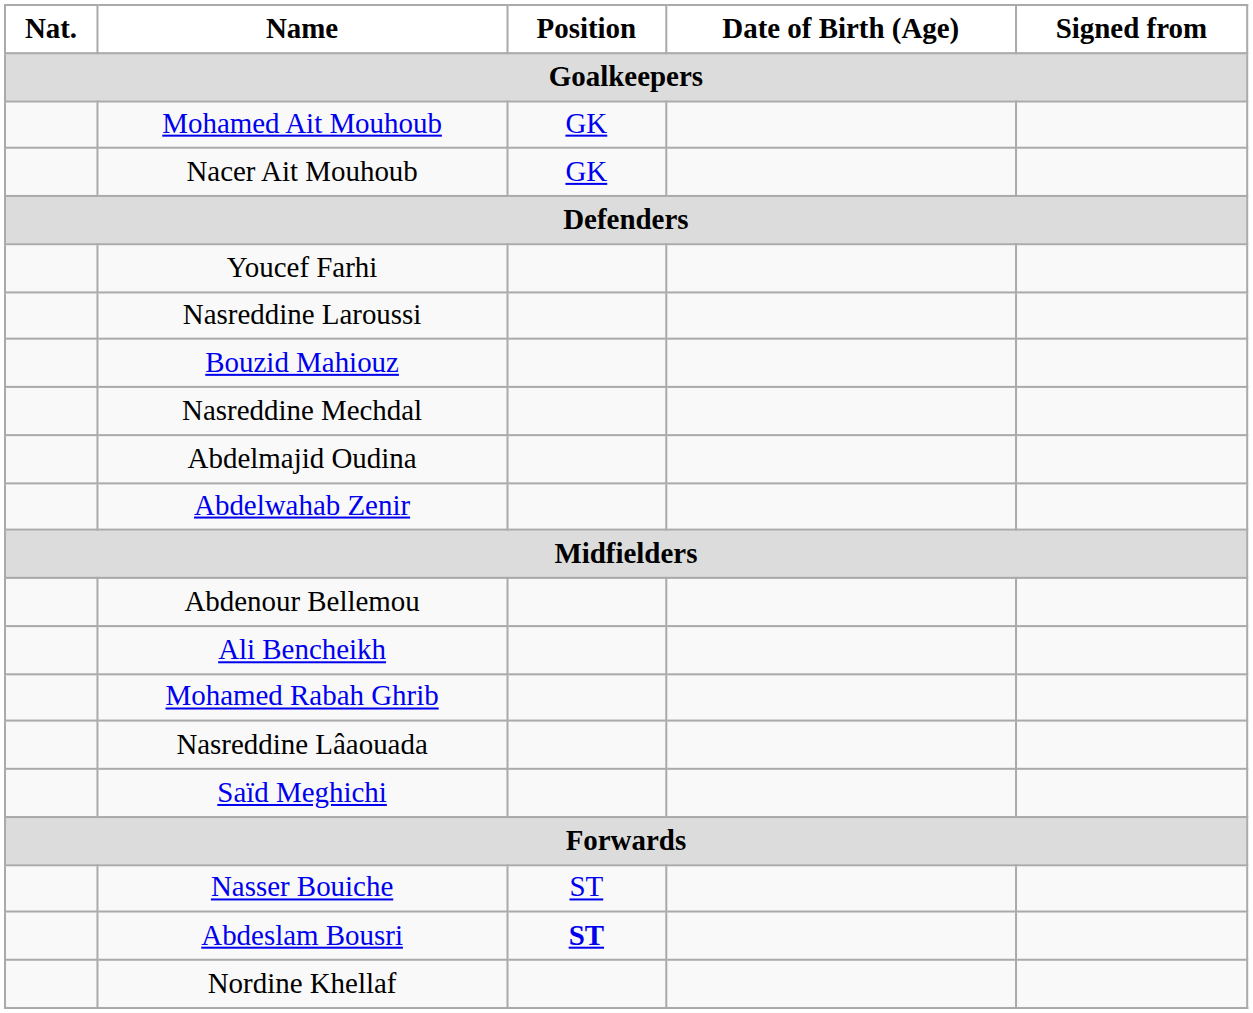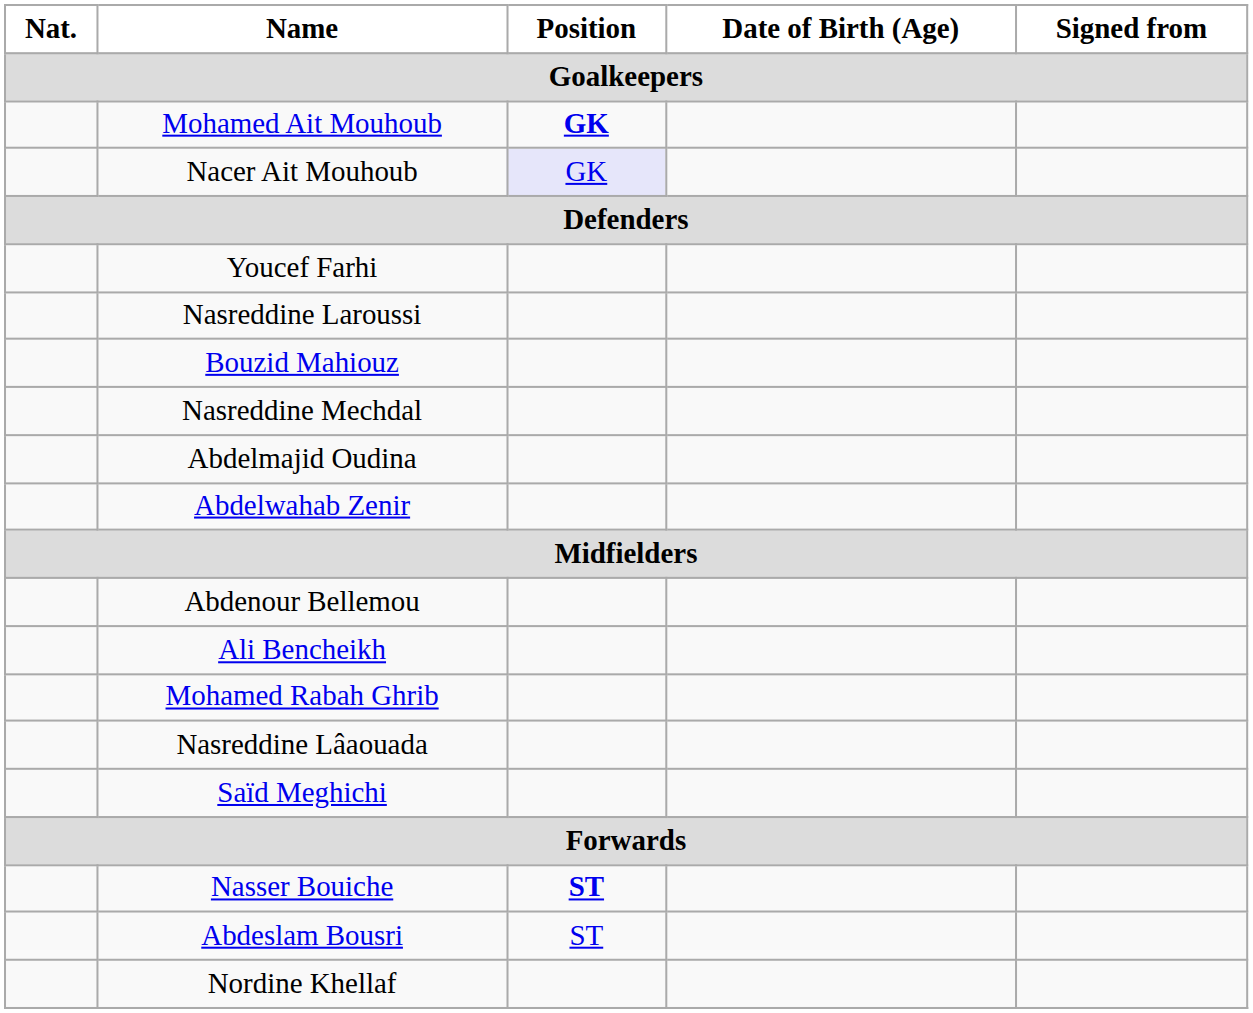 <table class="wikitable" style="text-align:center; font-size:90%; width:70%">
 <tr>
 <th style="background:white; color:black; text-align:center;">Nat.</th>
 <th style="background:white; color:black; text-align:center;">Name</th>
 <th style="background:white; color:black; text-align:center;">Position</th>
 <th style="background:white; color:black; text-align:center;">Date of Birth (Age)</th>
 <th style="background:white; color:black; text-align:center;">Signed from</th>
 </tr>
 <tr>
 <th colspan=10 style="background:#DCDCDC; text-align:center;">Goalkeepers</th>
 </tr>
 <tr>
 <td></td>
 <td><a href='#'>Mohamed Ait Mouhoub</a></td>
-<td><a href='#'>GK</a></td>
+<td><strong><a href='#'>GK</a></strong></td>
 <td></td>
 <td></td>
 </tr>
 <tr>
 <td></td>
 <td>Nacer Ait Mouhoub</td>
-<td><a href='#'>GK</a></td>
+<td style="background: lavender;"><a href='#'>GK</a></td>
 <td></td>
 <td></td>
 </tr>
 <tr>
 <th colspan=10 style="background:#DCDCDC; text-align:center;">Defenders</th>
 </tr>
 <tr>
 <td></td>
 <td>Youcef Farhi</td>
 <td></td>
 <td></td>
 <td></td>
 </tr>
 <tr>
 <td></td>
 <td>Nasreddine Laroussi</td>
 <td></td>
 <td></td>
 <td></td>
 </tr>
 <tr>
 <td></td>
 <td><a href='#'>Bouzid Mahiouz</a></td>
 <td></td>
 <td></td>
 <td></td>
 </tr>
 <tr>
 <td></td>
 <td>Nasreddine Mechdal</td>
 <td></td>
 <td></td>
 <td></td>
 </tr>
 <tr>
 <td></td>
 <td>Abdelmajid Oudina</td>
 <td></td>
 <td></td>
 <td></td>
 </tr>
 <tr>
 <td></td>
 <td><a href='#'>Abdelwahab Zenir</a></td>
 <td></td>
 <td></td>
 <td></td>
 </tr>
 <tr>
 <th colspan=10 style="background:#DCDCDC; text-align:center;">Midfielders</th>
 </tr>
 <tr>
 <td></td>
 <td>Abdenour Bellemou</td>
 <td></td>
 <td></td>
 <td></td>
 </tr>
 <tr>
 <td></td>
 <td><a href='#'>Ali Bencheikh</a></td>
 <td></td>
 <td></td>
 <td></td>
 </tr>
 <tr>
 <td></td>
 <td><a href='#'>Mohamed Rabah Ghrib</a></td>
 <td></td>
 <td></td>
 <td></td>
 </tr>
 <tr>
 <td></td>
 <td>Nasreddine Lâaouada</td>
 <td></td>
 <td></td>
 <td></td>
 </tr>
 <tr>
 <td></td>
 <td><a href='#'>Saïd Meghichi</a></td>
 <td></td>
 <td></td>
 <td></td>
 </tr>
 <tr>
 <th colspan=10 style="background:#DCDCDC; text-align:center;">Forwards</th>
 </tr>
 <tr>
 <td></td>
 <td><a href='#'>Nasser Bouiche</a></td>
-<td><a href='#'>ST</a></td>
+<td><strong><a href='#'>ST</a></strong></td>
 <td></td>
 <td></td>
 </tr>
 <tr>
 <td></td>
 <td><a href='#'>Abdeslam Bousri</a></td>
-<td><strong><a href='#'>ST</a></strong></td>
+<td><a href='#'>ST</a></td>
 <td></td>
 <td></td>
 </tr>
 <tr>
 <td></td>
 <td>Nordine Khellaf</td>
 <td></td>
 <td></td>
 <td></td>
 </tr>
 <tr>
 </tr>
 </table>
